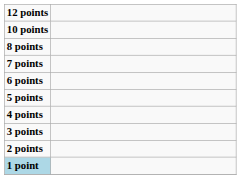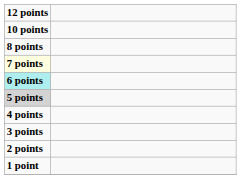 <table class="wikitable">
 <tr>
 <td width=20%><strong>12 points</strong></td>
 <td></td>
 </tr>
 <tr>
 <td width=20%><strong>10 points</strong></td>
 <td></td>
 </tr>
 <tr>
 <td width=20%><strong>8 points</strong></td>
 <td></td>
 </tr>
 <tr>
-<td width=20%><strong>7 points</strong></td>
+<td width=20% style="background: lightyellow;"><strong>7 points</strong></td>
 <td></td>
 </tr>
 <tr>
-<td width=20%><strong>6 points</strong></td>
+<td width=20% style="background: paleturquoise;"><strong>6 points</strong></td>
 <td></td>
 </tr>
 <tr>
-<td width=20%><strong>5 points</strong></td>
+<td width=20% style="background: lightgrey;"><strong>5 points</strong></td>
 <td></td>
 </tr>
 <tr>
 <td width=20%><strong>4 points</strong></td>
 <td></td>
 </tr>
 <tr>
 <td width=20%><strong>3 points</strong></td>
 <td></td>
 </tr>
 <tr>
 <td width=20%><strong>2 points</strong></td>
 <td></td>
 </tr>
 <tr>
-<td width=20% style="background: lightblue;"><strong>1 point</strong></td>
+<td width=20%><strong>1 point</strong></td>
 <td></td>
 </tr>
 <tr>
 </tr>
 </table>
